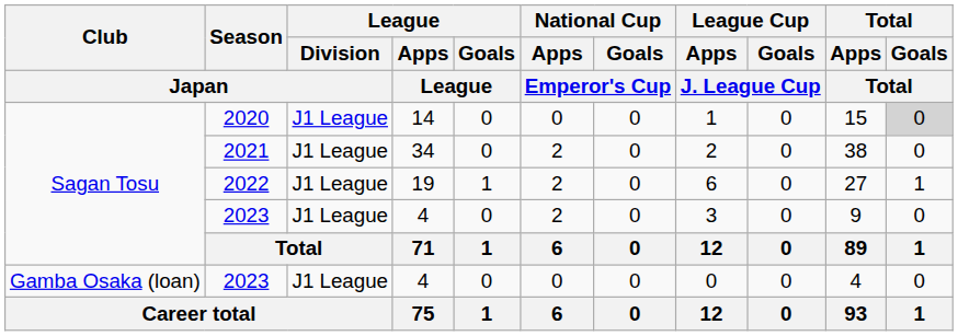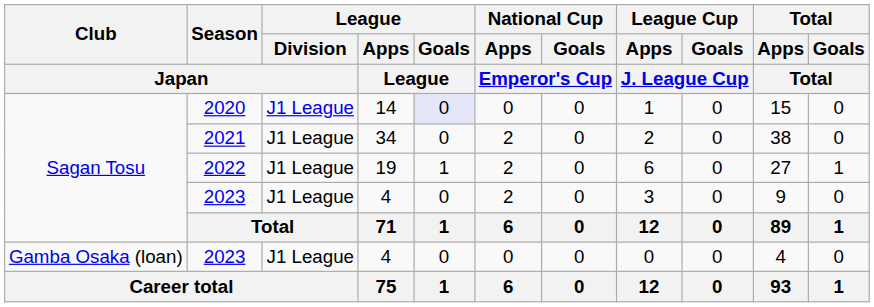 <table class="wikitable" style="text-align:center">
 <tr>
 <th rowspan=2>Club</th>
 <th rowspan=2>Season</th>
 <th colspan=3>League</th>
 <th colspan=2>National Cup</th>
 <th colspan=2>League Cup</th>
 <th colspan=2>Total</th>
 </tr>
 <tr>
 <th>Division</th>
 <th>Apps</th>
 <th>Goals</th>
 <th>Apps</th>
 <th>Goals</th>
 <th>Apps</th>
 <th>Goals</th>
 <th>Apps</th>
 <th>Goals</th>
 </tr>
 <tr>
 <th colspan=3>Japan</th>
 <th colspan=2>League</th>
 <th colspan=2><a href='#'>Emperor's Cup</a></th>
 <th colspan=2><a href='#'>J. League Cup</a></th>
 <th colspan=2>Total</th>
 </tr>
 <tr>
 <td rowspan="5"><a href='#'>Sagan Tosu</a></td>
 <td><a href='#'>2020</a></td>
 <td><a href='#'>J1 League</a></td>
 <td>14</td>
-<td>0</td>
+<td style="background: lavender;">0</td>
 <td>0</td>
 <td>0</td>
 <td>1</td>
 <td>0</td>
 <td>15</td>
-<td style="background: lightgrey;">0</td>
+<td>0</td>
 </tr>
 <tr>
 <td><a href='#'>2021</a></td>
 <td>J1 League</td>
 <td>34</td>
 <td>0</td>
 <td>2</td>
 <td>0</td>
 <td>2</td>
 <td>0</td>
 <td>38</td>
 <td>0</td>
 </tr>
 <tr>
 <td><a href='#'>2022</a></td>
 <td>J1 League</td>
 <td>19</td>
 <td>1</td>
 <td>2</td>
 <td>0</td>
 <td>6</td>
 <td>0</td>
 <td>27</td>
 <td>1</td>
 </tr>
 <tr>
 <td><a href='#'>2023</a></td>
 <td>J1 League</td>
 <td>4</td>
 <td>0</td>
 <td>2</td>
 <td>0</td>
 <td>3</td>
 <td>0</td>
 <td>9</td>
 <td>0</td>
 </tr>
 <tr>
 <th colspan="2">Total</th>
 <th>71</th>
 <th>1</th>
 <th>6</th>
 <th>0</th>
 <th>12</th>
 <th>0</th>
 <th>89</th>
 <th>1</th>
 </tr>
 <tr>
 <td><a href='#'>Gamba Osaka</a> (loan)</td>
 <td><a href='#'>2023</a></td>
 <td>J1 League</td>
 <td>4</td>
 <td>0</td>
 <td>0</td>
 <td>0</td>
 <td>0</td>
 <td>0</td>
 <td>4</td>
 <td>0</td>
 </tr>
 <tr>
 <th colspan=3>Career total</th>
 <th>75</th>
 <th>1</th>
 <th>6</th>
 <th>0</th>
 <th>12</th>
 <th>0</th>
 <th>93</th>
 <th>1</th>
 </tr>
 </table>
